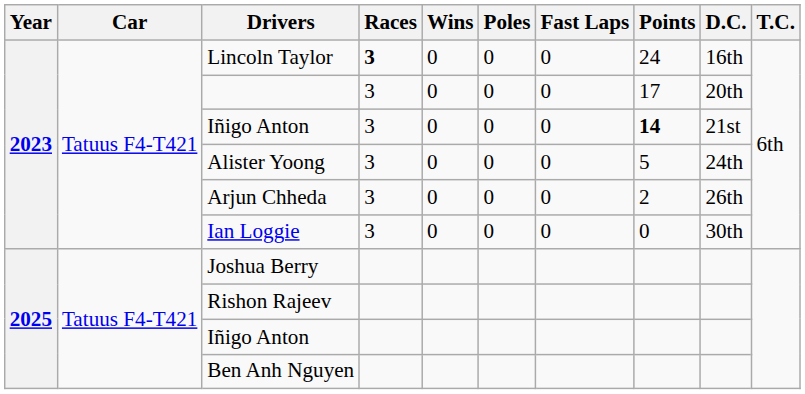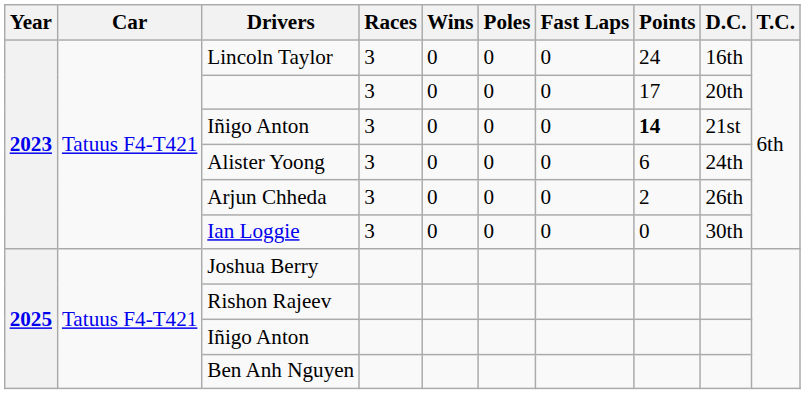 <table class="wikitable" style="font-size: 90%;">
 <tr>
 <th>Year</th>
 <th>Car</th>
 <th>Drivers</th>
 <th>Races</th>
 <th>Wins</th>
 <th>Poles</th>
 <th>Fast Laps</th>
 <th>Points</th>
 <th>D.C.</th>
 <th>T.C.</th>
 </tr>
 <tr>
 <th rowspan="6"><a href='#'>2023</a></th>
 <td rowspan="6"><a href='#'>Tatuus F4-T421</a></td>
 <td> Lincoln Taylor</td>
-<td><strong>3</strong></td>
+<td>3</td>
 <td>0</td>
 <td>0</td>
 <td>0</td>
 <td>24</td>
 <td>16th</td>
 <td rowspan="6">6th</td>
 </tr>
 <tr>
 <td align="left"> </td>
 <td>3</td>
 <td>0</td>
 <td>0</td>
 <td>0</td>
 <td>17</td>
 <td>20th</td>
 </tr>
 <tr>
 <td> Iñigo Anton</td>
 <td>3</td>
 <td>0</td>
 <td>0</td>
 <td>0</td>
 <td><strong>14</strong></td>
 <td>21st</td>
 </tr>
 <tr>
 <td> Alister Yoong</td>
 <td>3</td>
 <td>0</td>
 <td>0</td>
 <td>0</td>
-<td>5</td>
+<td>6</td>
 <td>24th</td>
 </tr>
 <tr>
 <td> Arjun Chheda</td>
 <td>3</td>
 <td>0</td>
 <td>0</td>
 <td>0</td>
 <td>2</td>
 <td>26th</td>
 </tr>
 <tr>
 <td> <a href='#'>Ian Loggie</a></td>
 <td>3</td>
 <td>0</td>
 <td>0</td>
 <td>0</td>
 <td>0</td>
 <td>30th</td>
 </tr>
 <tr>
 <th rowspan="4"><a href='#'>2025</a></th>
 <td rowspan="4"><a href='#'>Tatuus F4-T421</a></td>
 <td> Joshua Berry</td>
 <td></td>
 <td></td>
 <td></td>
 <td></td>
 <td></td>
 <td></td>
 <td rowspan="4"></td>
 </tr>
 <tr>
 <td> Rishon Rajeev</td>
 <td></td>
 <td></td>
 <td></td>
 <td></td>
 <td></td>
 <td></td>
 </tr>
 <tr>
 <td> Iñigo Anton</td>
 <td></td>
 <td></td>
 <td></td>
 <td></td>
 <td></td>
 <td></td>
 </tr>
 <tr>
 <td> Ben Anh Nguyen</td>
 <td></td>
 <td></td>
 <td></td>
 <td></td>
 <td></td>
 <td></td>
 </tr>
 </table>
